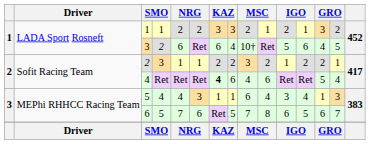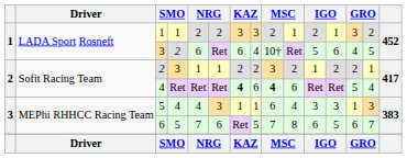 <table class="wikitable" style="font-size: 85%; text-align: center">
 <tr valign="top">
 <th valign="middle"></th>
 <th valign="middle">Driver</th>
 <th colspan=2><a href='#'>SMO</a></th>
 <th colspan=2><a href='#'>NRG</a></th>
 <th colspan=2><a href='#'>KAZ</a></th>
 <th colspan=2><a href='#'>MSC</a></th>
 <th colspan=2><a href='#'>IGO</a></th>
 <th colspan=2><a href='#'>GRO</a></th>
 <th valign="middle"></th>
 </tr>
 <tr>
 <th rowspan="2">1</th>
 <td rowspan="2" align=left><a href='#'>LADA Sport</a> <a href='#'>Rosneft</a></td>
 <td style="background:#ffffbf;">1</td>
 <td style="background:#ffffbf;">1</td>
 <td style="background:#dfdfdf;">2</td>
 <td style="background:#dfdfdf;">2</td>
 <td style="background:#ffdf9f;">3</td>
 <td style="background:#ffdf9f;">3</td>
 <td style="background:#dfdfdf;">2</td>
 <td style="background:#ffffbf;">1</td>
 <td style="background:#dfdfdf;">2</td>
 <td style="background:#ffffbf;">1</td>
 <td style="background:#ffdf9f;">3</td>
 <td style="background:#dfdfdf;">2</td>
 <th rowspan="2">452</th>
 </tr>
 <tr>
 <td style="background:#ffdf9f;">3</td>
 <td style="background:#dfdfdf;"><em>2</em></td>
 <td style="background:#dfffdf;">6</td>
 <td style="background:#efcfff;">Ret</td>
 <td style="background:#dfffdf;">6</td>
 <td style="background:#dfffdf;">4</td>
 <td style="background:#dfffdf;">10†</td>
 <td style="background:#efcfff;">Ret</td>
 <td style="background:#dfffdf;">5</td>
 <td style="background:#dfffdf;">6</td>
 <td style="background:#dfffdf;">4</td>
 <td style="background:#dfffdf;">5</td>
 </tr>
 <tr>
 <th rowspan="2">2</th>
 <td rowspan="2" align=left>Sofit Racing Team</td>
 <td style="background:#dfdfdf;"><em>2</em></td>
 <td style="background:#ffdf9f;">3</td>
 <td style="background:#ffffbf;">1</td>
 <td style="background:#ffffbf;">1</td>
 <td style="background:#dfdfdf;">2</td>
 <td style="background:#dfdfdf;">2</td>
 <td style="background:#ffdf9f;">3</td>
 <td style="background:#dfdfdf;">2</td>
 <td style="background:#ffffbf;">1</td>
 <td style="background:#dfdfdf;">2</td>
 <td style="background:#dfdfdf;">2</td>
 <td style="background:#ffffbf;">1</td>
 <th rowspan="2">417</th>
 </tr>
 <tr>
 <td style="background:#dfffdf;">4</td>
 <td style="background:#efcfff;">Ret</td>
 <td style="background:#efcfff;">Ret</td>
 <td style="background:#efcfff;">Ret</td>
 <td style="background:#dfffdf;"><strong>4</strong></td>
 <td style="background:#dfffdf;">6</td>
-<td style="background:#dfffdf;">4</td>
+<td style="background:#dfffdf;"><strong>4</strong></td>
 <td style="background:#dfffdf;">6</td>
 <td style="background:#efcfff;">Ret</td>
 <td style="background:#efcfff;">Ret</td>
 <td style="background:#dfffdf;">5</td>
 <td style="background:#dfffdf;">4</td>
 </tr>
 <tr>
 <th rowspan="2">3</th>
 <td rowspan="2" align=left>MEPhi RHHCC Racing Team</td>
 <td style="background:#dfffdf;">5</td>
 <td style="background:#dfffdf;">4</td>
 <td style="background:#dfffdf;">4</td>
 <td style="background:#ffdf9f;">3</td>
 <td style="background:#ffffbf;">1</td>
 <td style="background:#ffffbf;">1</td>
 <td style="background:#dfffdf;">6</td>
 <td style="background:#dfffdf;">4</td>
 <td style="background:#dfffdf;">3</td>
-<td style="background:#dfffdf;">4</td>
+<td style="background:#dfffdf;">3</td>
 <td style="background:#ffffbf;"> 1 </td>
 <td style="background:#ffdf9f;"> 3 </td>
 <th rowspan="2">383</th>
 </tr>
 <tr>
 <td style="background:#dfffdf;">6</td>
 <td style="background:#dfffdf;">5</td>
 <td style="background:#dfffdf;">7</td>
 <td style="background:#dfffdf;">6</td>
 <td style="background:#efcfff;">Ret</td>
 <td style="background:#dfffdf;">5</td>
 <td style="background:#dfffdf;">7</td>
 <td style="background:#dfffdf;">8</td>
 <td style="background:#dfffdf;">6</td>
 <td style="background:#dfffdf;">5</td>
 <td style="background:#dfffdf;">6</td>
 <td style="background:#dfffdf;">7</td>
 </tr>
 <tr>
 </tr>
 <tr valign="top">
 <th valign="middle"></th>
 <th valign="middle">Driver</th>
 <th colspan=2><a href='#'>SMO</a></th>
 <th colspan=2><a href='#'>NRG</a></th>
 <th colspan=2><a href='#'>KAZ</a></th>
 <th colspan=2><a href='#'>MSC</a></th>
 <th colspan=2><a href='#'>IGO</a></th>
 <th colspan=2><a href='#'>GRO</a></th>
 <th valign="middle"></th>
 </tr>
 </table>
